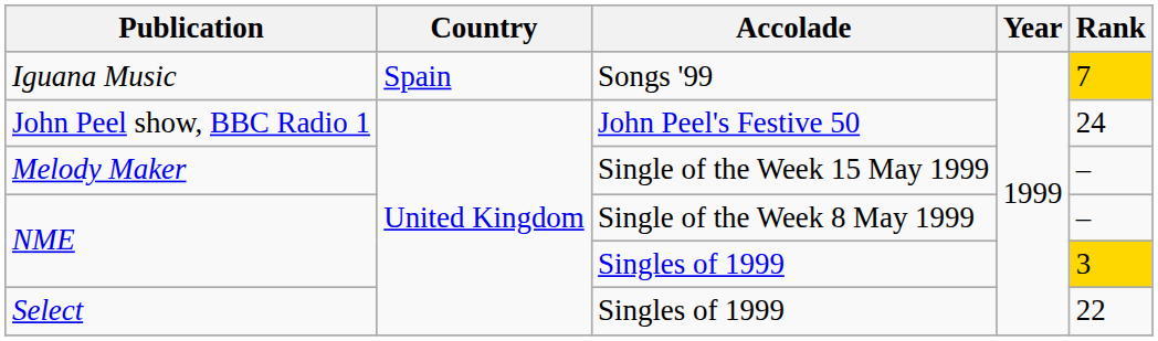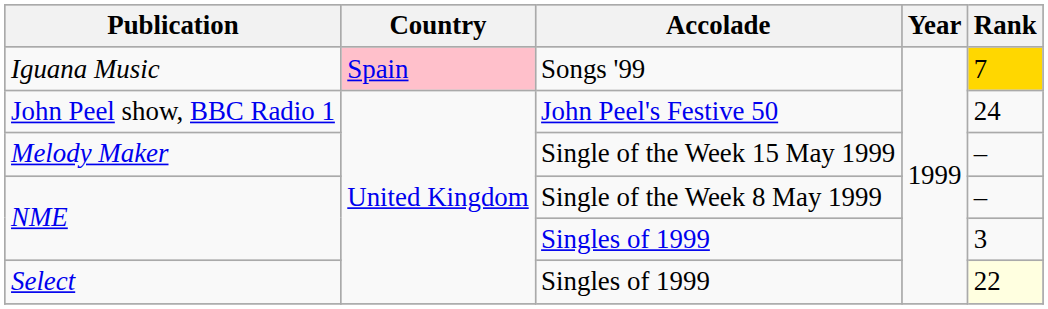 <table class="wikitable">
 <tr>
 <th>Publication</th>
 <th>Country</th>
 <th>Accolade</th>
 <th>Year</th>
 <th>Rank</th>
 </tr>
 <tr>
 <td><em>Iguana Music</em></td>
-<td><a href='#'>Spain</a></td>
+<td style="background: pink;"><a href='#'>Spain</a></td>
 <td>Songs '99</td>
 <td rowspan="6">1999</td>
 <td style="background: gold;">7</td>
 </tr>
 <tr>
 <td><a href='#'>John Peel</a> show, <a href='#'>BBC Radio 1</a></td>
 <td rowspan="5"><a href='#'>United Kingdom</a></td>
 <td><a href='#'>John Peel's Festive 50</a></td>
 <td>24</td>
 </tr>
 <tr>
 <td><em><a href='#'>Melody Maker</a></em></td>
 <td>Single of the Week 15 May 1999</td>
 <td>–</td>
 </tr>
 <tr>
 <td rowspan="2"><em><a href='#'>NME</a></em></td>
 <td>Single of the Week 8 May 1999</td>
 <td>–</td>
 </tr>
 <tr>
 <td><a href='#'>Singles of 1999</a></td>
-<td style="background: gold;">3</td>
+<td>3</td>
 </tr>
 <tr>
 <td><em><a href='#'>Select</a></em></td>
 <td>Singles of 1999</td>
-<td>22</td>
+<td style="background: lightyellow;">22</td>
 </tr>
 </table>
